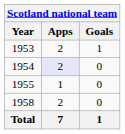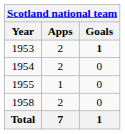 <table class="wikitable" style="text-align:center">
 <tr>
 <th colspan=3><a href='#'>Scotland national team</a></th>
 </tr>
 <tr>
 <th>Year</th>
 <th>Apps</th>
 <th>Goals</th>
 </tr>
 <tr>
 <td>1953</td>
 <td>2</td>
-<td>1</td>
+<td><strong>1</strong></td>
 </tr>
 <tr>
 <td>1954</td>
-<td style="background: lavender;">2</td>
+<td>2</td>
 <td>0</td>
 </tr>
 <tr>
 <td>1955</td>
 <td>1</td>
 <td>0</td>
 </tr>
 <tr>
 <td>1958</td>
 <td>2</td>
 <td>0</td>
 </tr>
 <tr>
 <th>Total</th>
 <th>7</th>
 <th>1</th>
 </tr>
 </table>
